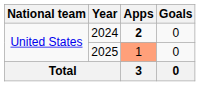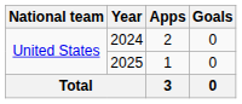 <table class="wikitable" style="text-align:center">
 <tr>
 <th>National team</th>
 <th>Year</th>
 <th>Apps</th>
 <th>Goals</th>
 </tr>
 <tr>
 <td rowspan=2><a href='#'>United States</a></td>
 <td>2024</td>
-<td><strong>2</strong></td>
+<td>2</td>
 <td>0</td>
 </tr>
 <tr>
 <td>2025</td>
-<td style="background: lightsalmon;">1</td>
+<td>1</td>
 <td>0</td>
 </tr>
 <tr>
 <th colspan="2">Total</th>
 <th>3</th>
 <th>0</th>
 </tr>
 </table>
